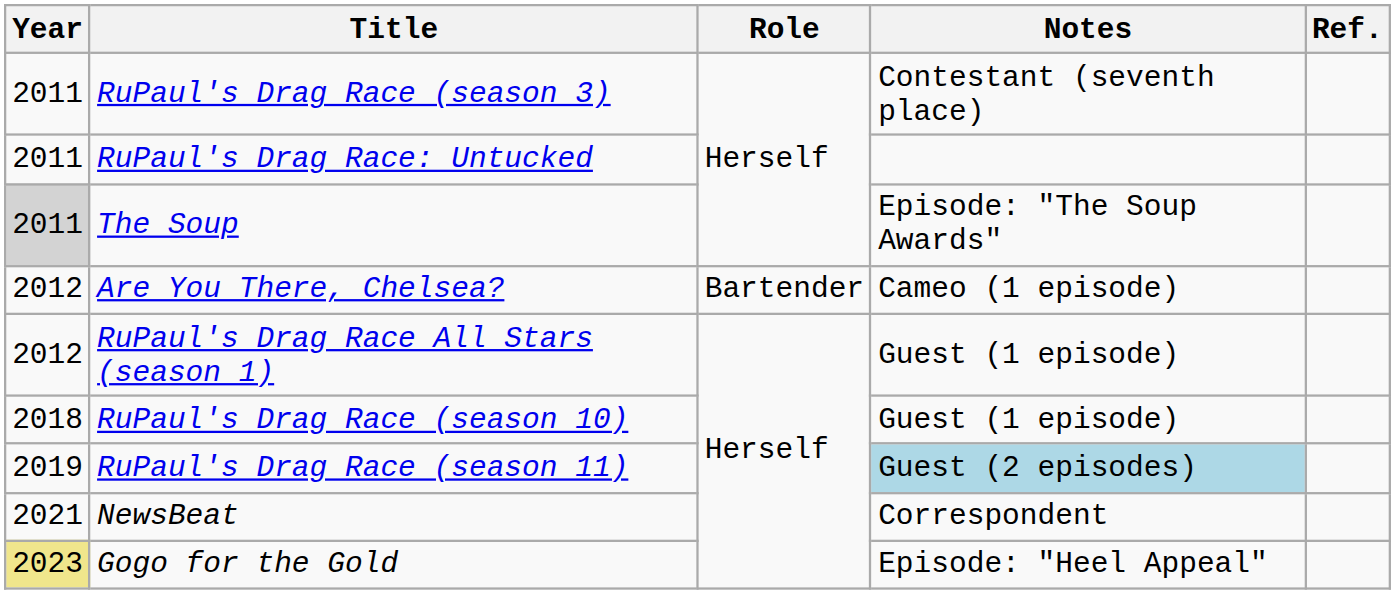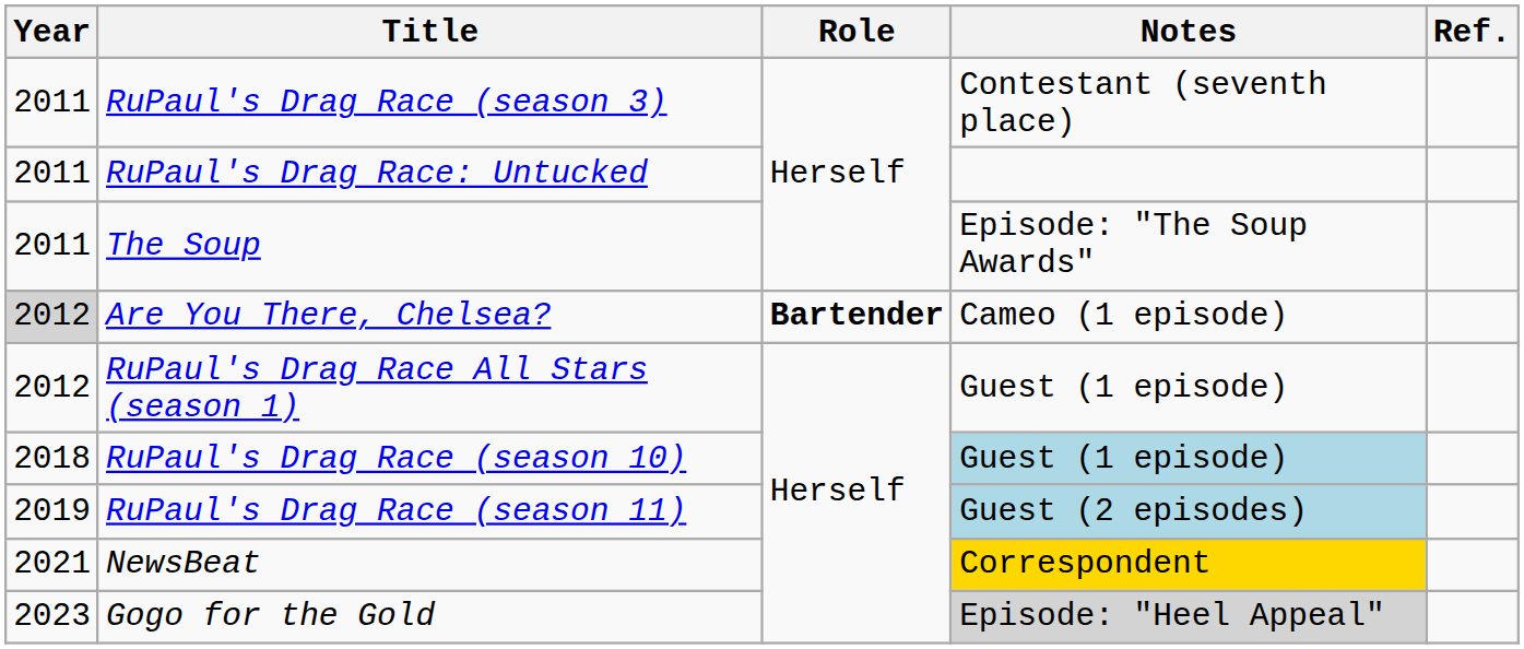 <table class="wikitable">
 <tr>
 <th>Year</th>
 <th>Title</th>
 <th>Role</th>
 <th>Notes</th>
 <th>Ref.</th>
 </tr>
 <tr>
 <td>2011</td>
 <td><em><a href='#'>RuPaul's Drag Race (season 3)</a></em></td>
 <td rowspan="3">Herself</td>
 <td>Contestant (seventh place)</td>
 <td></td>
 </tr>
 <tr>
 <td>2011</td>
 <td><em><a href='#'>RuPaul's Drag Race: Untucked</a></em></td>
 <td></td>
 <td></td>
 </tr>
 <tr>
-<td style="background: lightgrey;">2011</td>
+<td>2011</td>
 <td><em><a href='#'>The Soup</a></em></td>
 <td>Episode: "The Soup Awards"</td>
 <td></td>
 </tr>
 <tr>
-<td>2012</td>
+<td style="background: lightgrey;">2012</td>
 <td><em><a href='#'>Are You There, Chelsea?</a></em></td>
-<td>Bartender</td>
+<td><strong>Bartender</strong></td>
 <td>Cameo (1 episode)</td>
 <td></td>
 </tr>
 <tr>
 <td>2012</td>
 <td><em><a href='#'>RuPaul's Drag Race All Stars (season 1)</a></em></td>
 <td rowspan="5">Herself</td>
 <td>Guest (1 episode)</td>
 <td></td>
 </tr>
 <tr>
 <td>2018</td>
 <td><em><a href='#'>RuPaul's Drag Race (season 10)</a></em></td>
-<td>Guest (1 episode)</td>
+<td style="background: lightblue;">Guest (1 episode)</td>
 <td></td>
 </tr>
 <tr>
 <td>2019</td>
 <td><em><a href='#'>RuPaul's Drag Race (season 11)</a></em></td>
 <td style="background: lightblue;">Guest (2 episodes)</td>
 <td></td>
 </tr>
 <tr>
 <td>2021</td>
 <td><em>NewsBeat</em></td>
-<td>Correspondent</td>
+<td style="background: gold;">Correspondent</td>
 <td style="text-align: center;"></td>
 </tr>
 <tr>
-<td style="background: khaki;">2023</td>
+<td>2023</td>
 <td><em>Gogo for the Gold</em></td>
-<td>Episode: "Heel Appeal"</td>
+<td style="background: lightgrey;">Episode: "Heel Appeal"</td>
 <td></td>
 </tr>
 </table>
